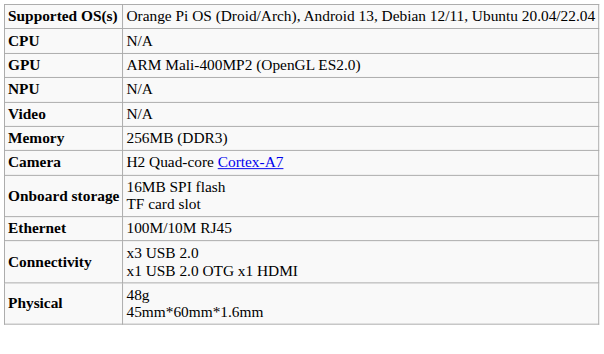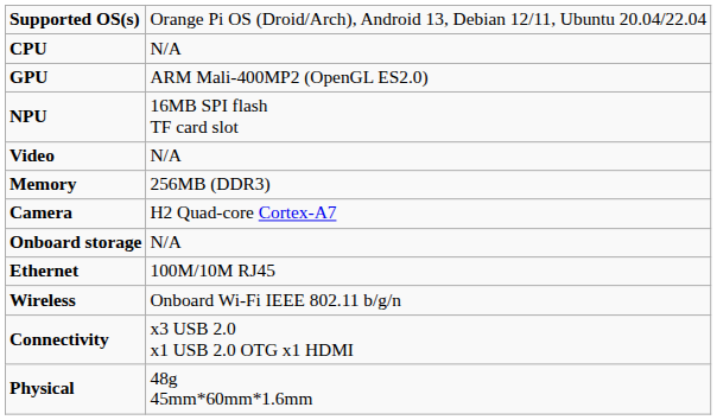 <table class="wikitable">
 <tr>
 <td><strong>Supported OS(s)</strong></td>
 <td>Orange Pi OS (Droid/Arch), Android 13, Debian 12/11, Ubuntu 20.04/22.04</td>
 </tr>
 <tr>
 <td><strong>CPU</strong></td>
 <td>N/A</td>
 </tr>
 <tr>
 <td><strong>GPU</strong></td>
 <td>ARM Mali-400MP2 (OpenGL ES2.0)</td>
 </tr>
 <tr>
 <td><strong>NPU</strong></td>
-<td>N/A</td>
+<td>16MB SPI flash<br>TF card slot</td>
 </tr>
 <tr>
 <td><strong>Video</strong></td>
 <td>N/A</td>
 </tr>
 <tr>
 <td><strong>Memory</strong></td>
 <td>256MB (DDR3)</td>
 </tr>
 <tr>
 <td><strong>Camera</strong></td>
 <td>H2 Quad-core <a href='#'>Cortex-A7</a></td>
 </tr>
 <tr>
 <td><strong>Onboard storage</strong></td>
-<td>16MB SPI flash<br>TF card slot</td>
+<td>N/A</td>
 </tr>
 <tr>
 <td><strong>Ethernet</strong></td>
 <td>100M/10M RJ45</td>
+</tr>
+<tr>
+<td><strong>Wireless</strong></td>
+<td>Onboard Wi-Fi IEEE 802.11 b/g/n</td>
 </tr>
 <tr>
 <td><strong>Connectivity</strong></td>
 <td>x3 USB 2.0<br>x1 USB 2.0 OTG x1 HDMI</td>
 </tr>
 <tr>
 <td><strong>Physical</strong></td>
 <td>48g<br>45mm*60mm*1.6mm</td>
 </tr>
 </table>
